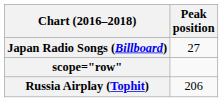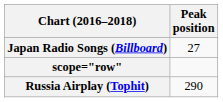 <table class="wikitable sortable plainrowheaders">
 <tr>
 <th scope="col">Chart (2016–2018)</th>
 <th scope="col">Peak<br>position</th>
 </tr>
 <tr>
 <th scope="row">Japan Radio Songs (<a href='#'><em>Billboard</em></a>)</th>
 <td align=center>27</td>
 </tr>
 <tr>
 <th>scope="row" </th>
 </tr>
 <tr>
 <th scope="row">Russia Airplay (<a href='#'>Tophit</a>)</th>
-<td align=center>206</td>
+<td align=center>290</td>
 </tr>
 </table>
